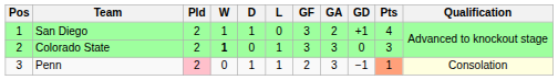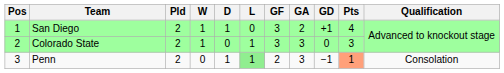 <table class="wikitable" style="text-align:center; margin: 1em auto">
 <tr>
 <th style="width:2em">Pos</th>
 <th style="width:13em">Team</th>
 <th style="width:2em">Pld</th>
 <th style="width:2em">W</th>
 <th style="width:2em">D</th>
 <th style="width:2em">L</th>
 <th style="width:2em">GF</th>
 <th style="width:2em">GA</th>
 <th style="width:2em">GD</th>
 <th style="width:2em">Pts</th>
 <th style="width:13em">Qualification</th>
 </tr>
 <tr bgcolor="#9eff9e">
 <td>1</td>
 <td style="text-align:left">San Diego</td>
 <td>2</td>
 <td>1</td>
 <td>1</td>
 <td>0</td>
 <td>3</td>
 <td>2</td>
 <td>+1</td>
 <td>4</td>
 <td rowspan="2">Advanced to knockout stage</td>
 </tr>
 <tr bgcolor="#9eff9e">
 <td>2</td>
 <td style="text-align:left">Colorado State</td>
 <td>2</td>
-<td><strong>1</strong></td>
+<td>1</td>
 <td>0</td>
 <td>1</td>
 <td>3</td>
 <td>3</td>
 <td>0</td>
 <td>3</td>
 </tr>
 <tr>
 <td>3</td>
 <td style="text-align:left">Penn</td>
-<td style="background: pink;">2</td>
+<td>2</td>
 <td>0</td>
 <td>1</td>
-<td>1</td>
+<td style="background: lightgreen;">1</td>
 <td>2</td>
 <td>3</td>
 <td>−1</td>
 <td style="background: lightsalmon;">1</td>
-<td style="background: lightyellow;">Consolation</td>
+<td>Consolation</td>
 </tr>
 </table>
